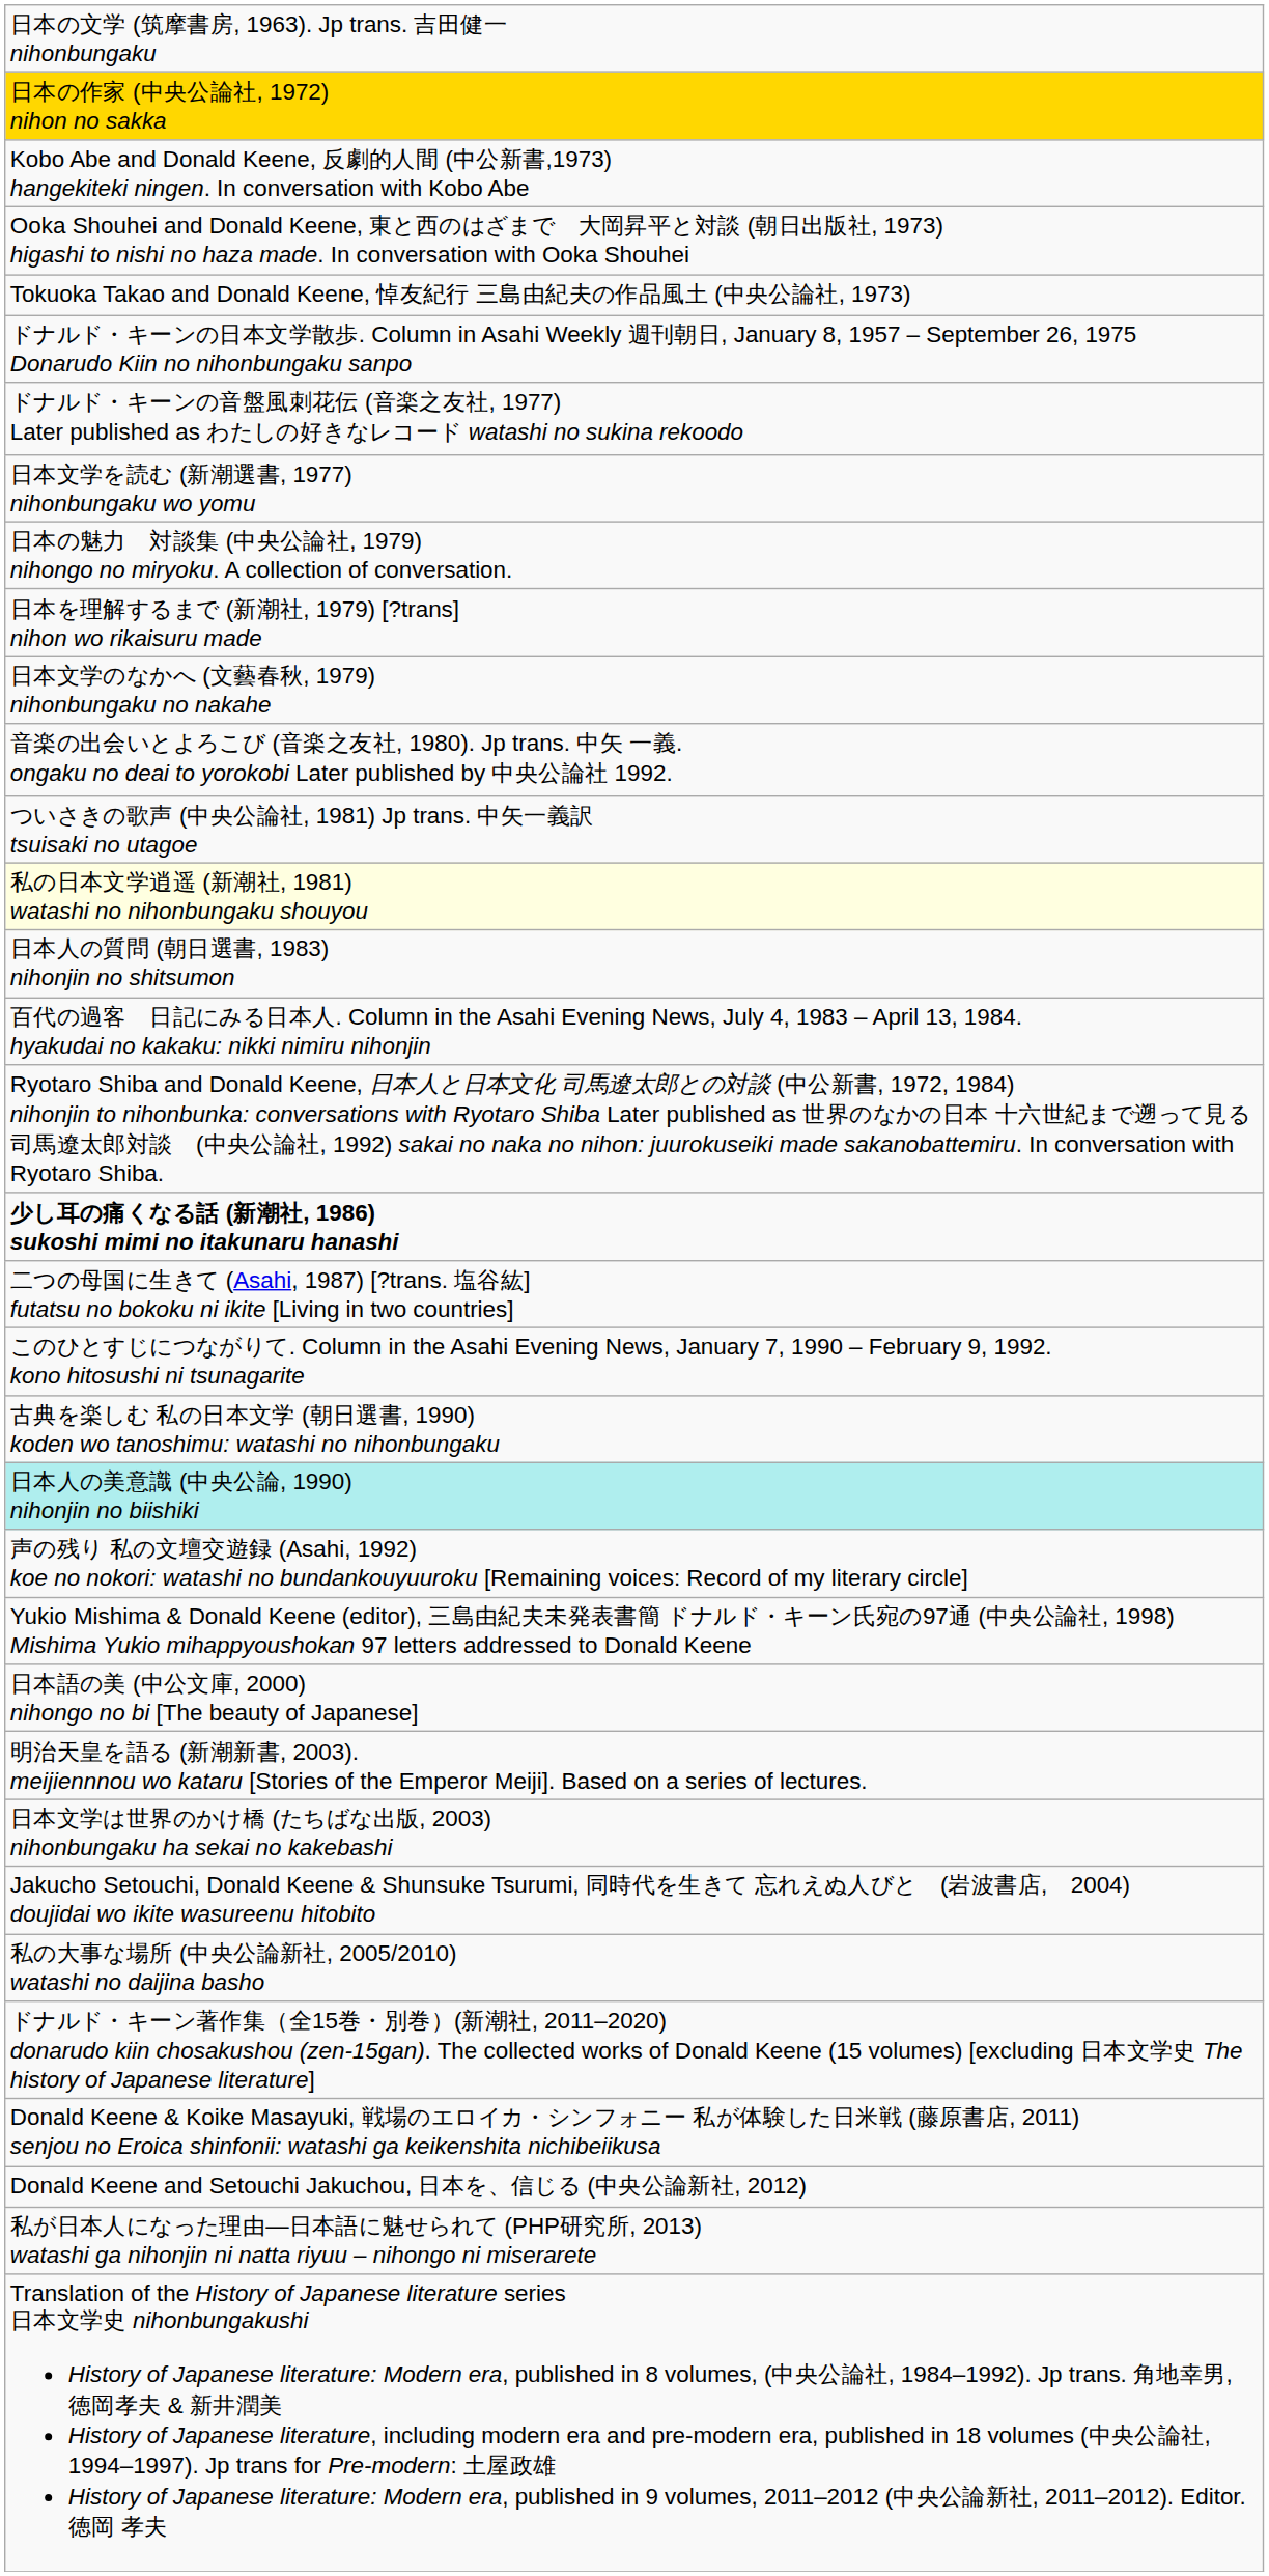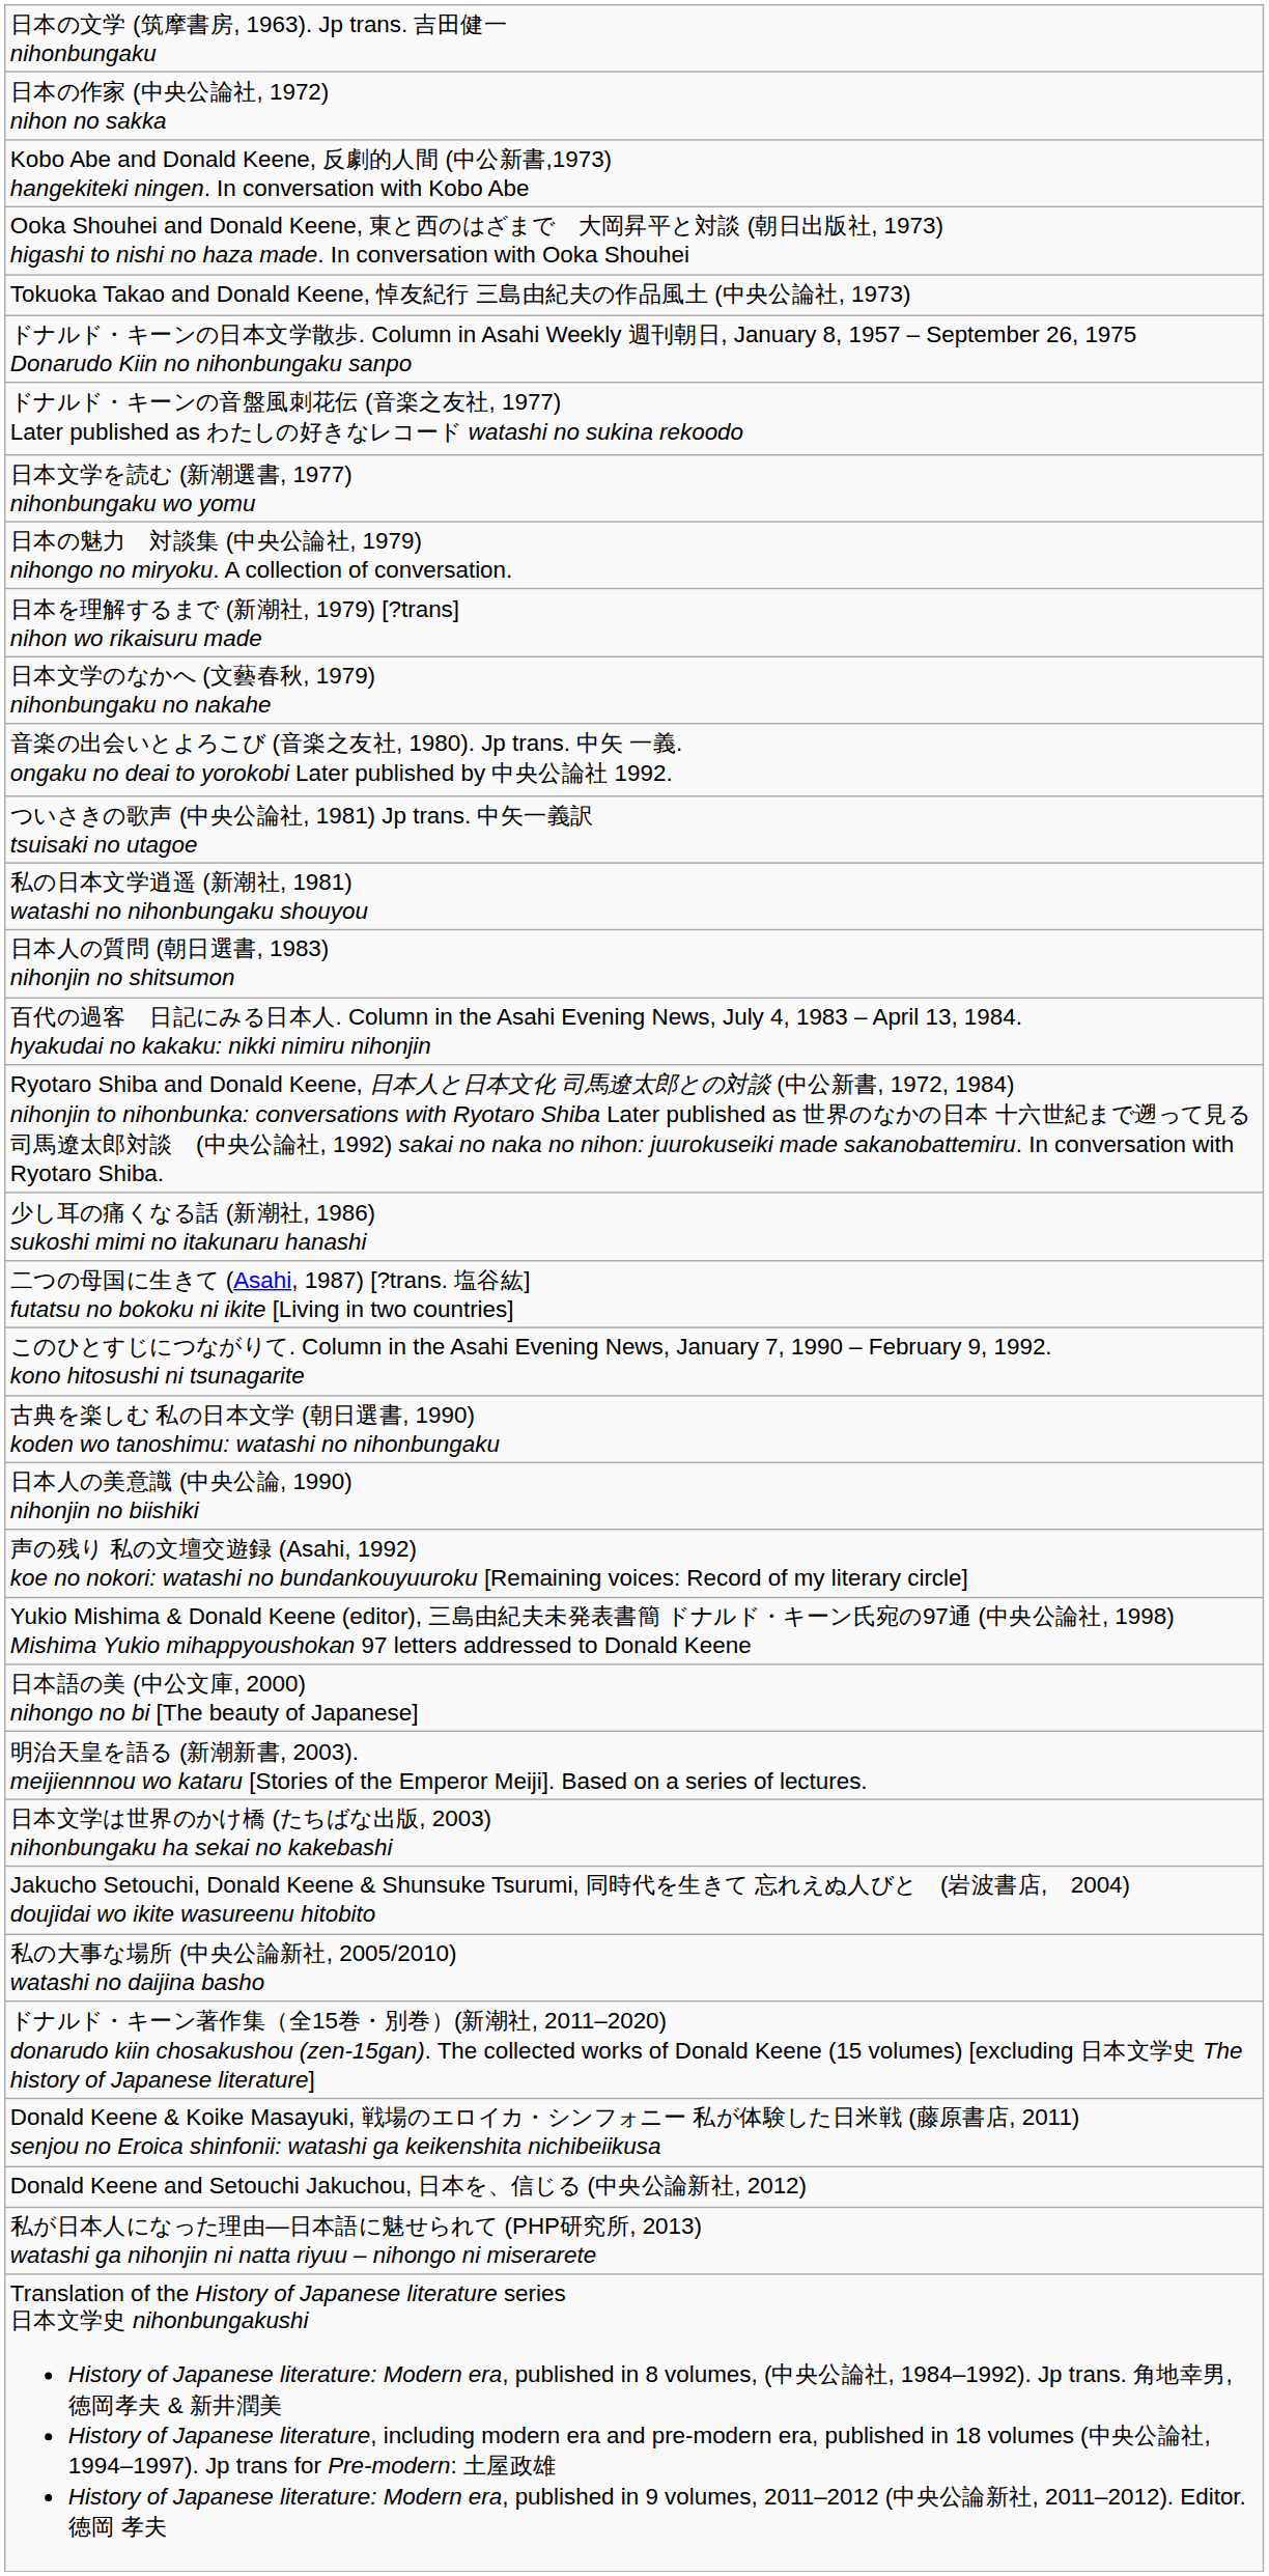 <table class="wikitable">
 <tr>
 <td>日本の文学 (筑摩書房, 1963). Jp trans. 吉田健一<br><em>nihonbungaku</em></td>
 </tr>
 <tr>
-<td style="background: gold;">日本の作家 (中央公論社, 1972)<br><em>nihon no sakka</em></td>
+<td>日本の作家 (中央公論社, 1972)<br><em>nihon no sakka</em></td>
 </tr>
 <tr>
 <td>Kobo Abe and Donald Keene, 反劇的人間 (中公新書,1973)<br><em>hangekiteki ningen</em>. In conversation with Kobo Abe</td>
 </tr>
 <tr>
 <td>Ooka Shouhei and Donald Keene, 東と西のはざまで　大岡昇平と対談 (朝日出版社, 1973)<br><em>higashi to nishi no haza made</em>. In conversation with Ooka Shouhei</td>
 </tr>
 <tr>
 <td>Tokuoka Takao and Donald Keene, 悼友紀行 三島由紀夫の作品風土 (中央公論社, 1973)</td>
 </tr>
 <tr>
 <td>ドナルド・キーンの日本文学散歩. Column in Asahi Weekly 週刊朝日, January 8, 1957 – September 26, 1975<br><em>Donarudo Kiin no nihonbungaku sanpo</em></td>
 </tr>
 <tr>
 <td>ドナルド・キーンの音盤風刺花伝 (音楽之友社, 1977)<br>Later published as わたしの好きなレコード <em>watashi no sukina rekoodo</em></td>
 </tr>
 <tr>
 <td>日本文学を読む (新潮選書, 1977)<br><em>nihonbungaku wo yomu</em></td>
 </tr>
 <tr>
 <td>日本の魅力　対談集 (中央公論社, 1979)<br><em>nihongo no miryoku</em>. A collection of conversation.</td>
 </tr>
 <tr>
 <td>日本を理解するまで (新潮社, 1979) [?trans]<br><em>nihon wo rikaisuru made</em></td>
 </tr>
 <tr>
 <td>日本文学のなかへ (文藝春秋, 1979)<br><em>nihonbungaku no nakahe</em></td>
 </tr>
 <tr>
 <td>音楽の出会いとよろこび (音楽之友社, 1980). Jp trans. 中矢 一義.<br><em>ongaku no deai to yorokobi</em> Later published by 中央公論社 1992.</td>
 </tr>
 <tr>
 <td>ついさきの歌声 (中央公論社, 1981) Jp trans. 中矢一義訳<br><em>tsuisaki no utagoe</em></td>
 </tr>
 <tr>
-<td style="background: lightyellow;">私の日本文学逍遥 (新潮社, 1981)<br><em>watashi no nihonbungaku shouyou</em></td>
+<td>私の日本文学逍遥 (新潮社, 1981)<br><em>watashi no nihonbungaku shouyou</em></td>
 </tr>
 <tr>
 <td>日本人の質問 (朝日選書, 1983)<br><em>nihonjin no shitsumon</em></td>
 </tr>
 <tr>
 <td>百代の過客　日記にみる日本人. Column in the Asahi Evening News, July 4, 1983 – April 13, 1984.<br><em>hyakudai no kakaku: nikki nimiru nihonjin</em></td>
 </tr>
 <tr>
 <td>Ryotaro Shiba and Donald Keene, <em>日本人と日本文化 司馬遼太郎との対談</em> (中公新書, 1972, 1984)<br><em>nihonjin to nihonbunka: conversations with Ryotaro Shiba</em> Later published as 世界のなかの日本 十六世紀まで遡って見る 司馬遼太郎対談　(中央公論社, 1992) <em>sakai no naka no nihon: juurokuseiki made sakanobattemiru</em>. In conversation with Ryotaro Shiba.</td>
 </tr>
 <tr>
-<td><strong>少し耳の痛くなる話 (新潮社, 1986)<br><em>sukoshi mimi no itakunaru hanashi</em></strong></td>
+<td>少し耳の痛くなる話 (新潮社, 1986)<br><em>sukoshi mimi no itakunaru hanashi</em></td>
 </tr>
 <tr>
 <td>二つの母国に生きて (<a href='#'>Asahi</a>, 1987) [?trans. 塩谷紘]<br><em>futatsu no bokoku ni ikite</em> [Living in two countries]</td>
 </tr>
 <tr>
 <td>このひとすじにつながりて. Column in the Asahi Evening News, January 7, 1990 – February 9, 1992.<br><em>kono hitosushi ni tsunagarite</em></td>
 </tr>
 <tr>
 <td>古典を楽しむ 私の日本文学 (朝日選書, 1990)<br><em>koden wo tanoshimu: watashi no nihonbungaku</em></td>
 </tr>
 <tr>
-<td style="background: paleturquoise;">日本人の美意識 (中央公論, 1990)<br><em>nihonjin no biishiki</em></td>
+<td>日本人の美意識 (中央公論, 1990)<br><em>nihonjin no biishiki</em></td>
 </tr>
 <tr>
 <td>声の残り 私の文壇交遊録 (Asahi, 1992)<br><em>koe no nokori: watashi no bundankouyuuroku</em> [Remaining voices: Record of my literary circle]</td>
 </tr>
 <tr>
 <td>Yukio Mishima & Donald Keene (editor), 三島由紀夫未発表書簡 ドナルド・キーン氏宛の97通 (中央公論社, 1998)<br><em>Mishima Yukio mihappyoushokan</em> 97 letters addressed to Donald Keene</td>
 </tr>
 <tr>
 <td>日本語の美 (中公文庫, 2000)<br><em>nihongo no bi</em> [The beauty of Japanese]</td>
 </tr>
 <tr>
 <td>明治天皇を語る (新潮新書, 2003).<br><em>meijiennnou wo kataru</em> [Stories of the Emperor Meiji]. Based on a series of lectures.</td>
 </tr>
 <tr>
 <td>日本文学は世界のかけ橋 (たちばな出版, 2003)<br><em>nihonbungaku ha sekai no kakebashi</em></td>
 </tr>
 <tr>
 <td>Jakucho Setouchi, Donald Keene & Shunsuke Tsurumi, 同時代を生きて 忘れえぬ人びと　(岩波書店,　2004)<br><em>doujidai wo ikite wasureenu hitobito</em></td>
 </tr>
 <tr>
 <td>私の大事な場所 (中央公論新社, 2005/2010)<br><em>watashi no daijina basho</em></td>
 </tr>
 <tr>
 <td>ドナルド・キーン著作集（全15巻・別巻）(新潮社, 2011–2020)<br><em>donarudo kiin chosakushou (zen-15gan)</em>. The collected works of Donald Keene (15 volumes) [excluding 日本文学史 <em>The history of Japanese literature</em>]</td>
 </tr>
 <tr>
 <td>Donald Keene & Koike Masayuki, 戦場のエロイカ・シンフォニー 私が体験した日米戦 (藤原書店, 2011)<br><em>senjou no Eroica shinfonii: watashi ga keikenshita nichibeiikusa</em></td>
 </tr>
 <tr>
 <td>Donald Keene and Setouchi Jakuchou, 日本を、信じる (中央公論新社, 2012)</td>
 </tr>
 <tr>
 <td>私が日本人になった理由―日本語に魅せられて (PHP研究所, 2013)<br><em>watashi ga nihonjin ni natta riyuu – nihongo ni miserarete</em></td>
 </tr>
 <tr>
 <td>Translation of the <em>History of Japanese literature</em> series<br>日本文学史 <em>nihonbungakushi</em><ul><li><em>History of Japanese literature: Modern era</em>, published in 8 volumes, (中央公論社, 1984–1992). Jp trans. 角地幸男, 徳岡孝夫 & 新井潤美</li><li><em>History of Japanese literature</em>, including modern era and pre-modern era, published in 18 volumes (中央公論社, 1994–1997). Jp trans for <em>Pre-modern</em>: 土屋政雄</li><li><em>History of Japanese literature: Modern era</em>, published in 9 volumes, 2011–2012 (中央公論新社, 2011–2012). Editor. 徳岡 孝夫</li></ul></td>
 </tr>
 </table>
